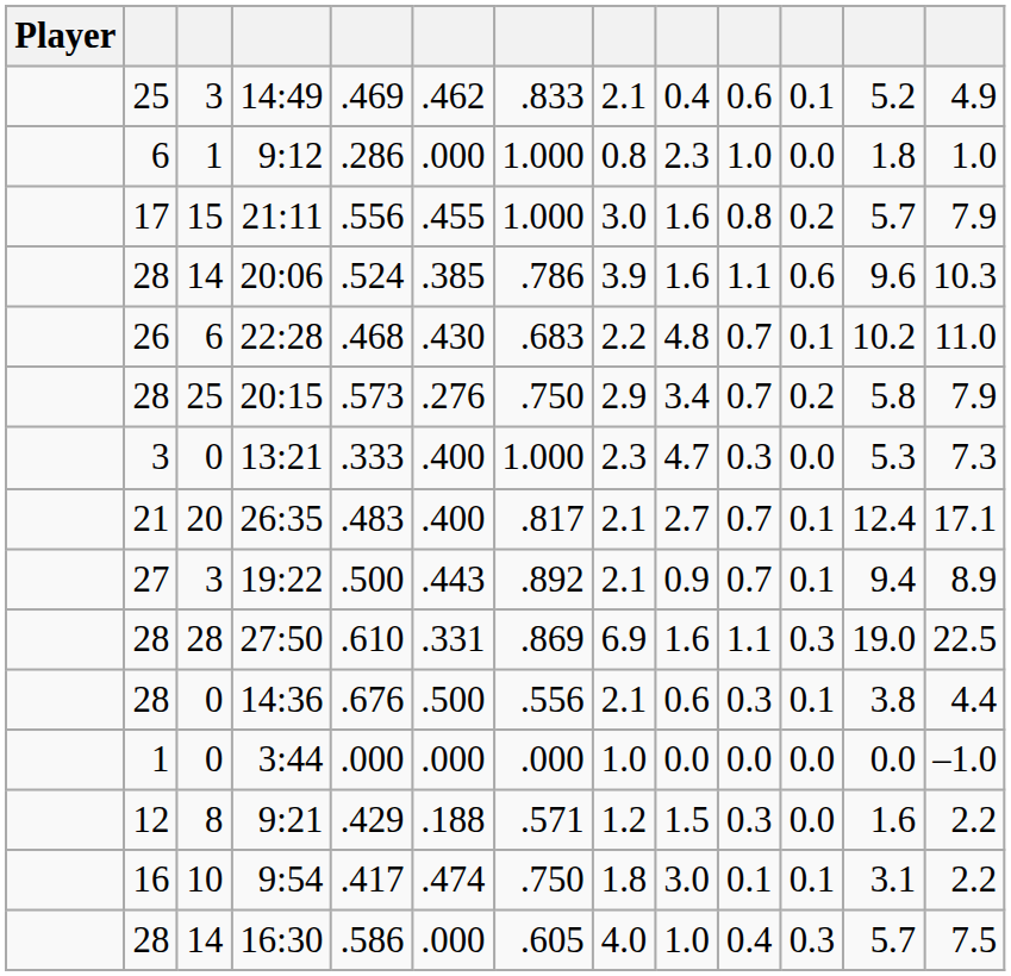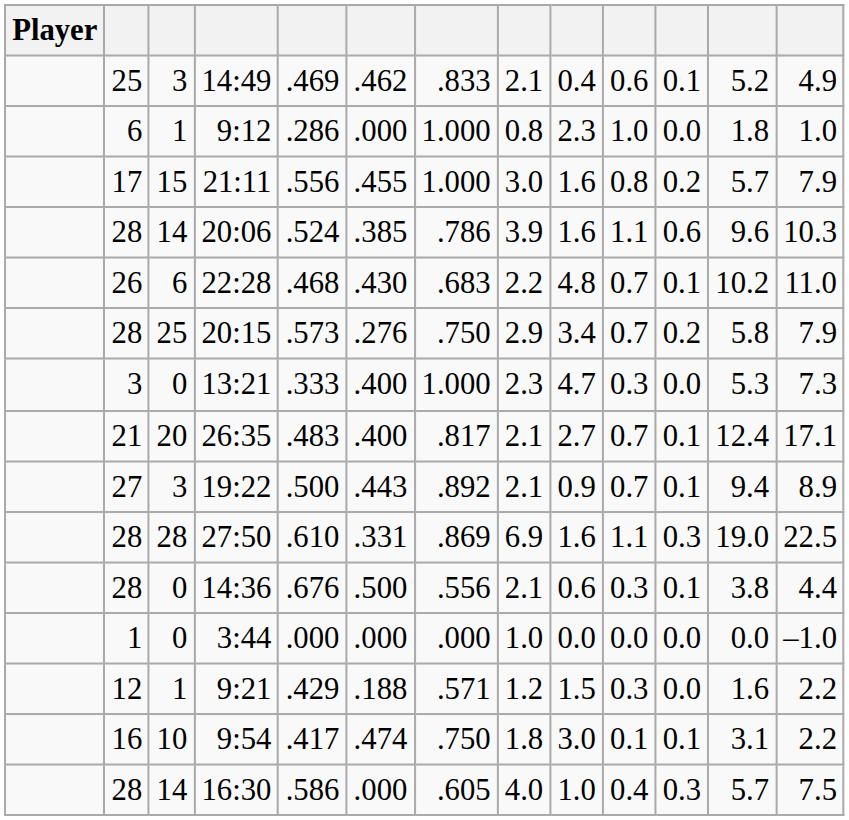 <table class="wikitable sortable" style="font-size:95%; text-align:right;">
 <tr>
 <th>Player</th>
 <th></th>
 <th></th>
 <th></th>
 <th></th>
 <th></th>
 <th></th>
 <th></th>
 <th></th>
 <th></th>
 <th></th>
 <th></th>
 <th></th>
 </tr>
 <tr>
 <td></td>
 <td>25</td>
 <td>3</td>
 <td>14:49</td>
 <td>.469</td>
 <td>.462</td>
 <td>.833</td>
 <td>2.1</td>
 <td>0.4</td>
 <td>0.6</td>
 <td>0.1</td>
 <td>5.2</td>
 <td>4.9</td>
 </tr>
 <tr>
 <td></td>
 <td>6</td>
 <td>1</td>
 <td>9:12</td>
 <td>.286</td>
 <td>.000</td>
 <td>1.000</td>
 <td>0.8</td>
 <td>2.3</td>
 <td>1.0</td>
 <td>0.0</td>
 <td>1.8</td>
 <td>1.0</td>
 </tr>
 <tr>
 <td></td>
 <td>17</td>
 <td>15</td>
 <td>21:11</td>
 <td>.556</td>
 <td>.455</td>
 <td>1.000</td>
 <td>3.0</td>
 <td>1.6</td>
 <td>0.8</td>
 <td>0.2</td>
 <td>5.7</td>
 <td>7.9</td>
 </tr>
 <tr>
 <td></td>
 <td>28</td>
 <td>14</td>
 <td>20:06</td>
 <td>.524</td>
 <td>.385</td>
 <td>.786</td>
 <td>3.9</td>
 <td>1.6</td>
 <td>1.1</td>
 <td>0.6</td>
 <td>9.6</td>
 <td>10.3</td>
 </tr>
 <tr>
 <td></td>
 <td>26</td>
 <td>6</td>
 <td>22:28</td>
 <td>.468</td>
 <td>.430</td>
 <td>.683</td>
 <td>2.2</td>
 <td>4.8</td>
 <td>0.7</td>
 <td>0.1</td>
 <td>10.2</td>
 <td>11.0</td>
 </tr>
 <tr>
 <td></td>
 <td>28</td>
 <td>25</td>
 <td>20:15</td>
 <td>.573</td>
 <td>.276</td>
 <td>.750</td>
 <td>2.9</td>
 <td>3.4</td>
 <td>0.7</td>
 <td>0.2</td>
 <td>5.8</td>
 <td>7.9</td>
 </tr>
 <tr>
 <td></td>
 <td>3</td>
 <td>0</td>
 <td>13:21</td>
 <td>.333</td>
 <td>.400</td>
 <td>1.000</td>
 <td>2.3</td>
 <td>4.7</td>
 <td>0.3</td>
 <td>0.0</td>
 <td>5.3</td>
 <td>7.3</td>
 </tr>
 <tr>
 <td></td>
 <td>21</td>
 <td>20</td>
 <td>26:35</td>
 <td>.483</td>
 <td>.400</td>
 <td>.817</td>
 <td>2.1</td>
 <td>2.7</td>
 <td>0.7</td>
 <td>0.1</td>
 <td>12.4</td>
 <td>17.1</td>
 </tr>
 <tr>
 <td></td>
 <td>27</td>
 <td>3</td>
 <td>19:22</td>
 <td>.500</td>
 <td>.443</td>
 <td>.892</td>
 <td>2.1</td>
 <td>0.9</td>
 <td>0.7</td>
 <td>0.1</td>
 <td>9.4</td>
 <td>8.9</td>
 </tr>
 <tr>
 <td></td>
 <td>28</td>
 <td>28</td>
 <td>27:50</td>
 <td>.610</td>
 <td>.331</td>
 <td>.869</td>
 <td>6.9</td>
 <td>1.6</td>
 <td>1.1</td>
 <td>0.3</td>
 <td>19.0</td>
 <td>22.5</td>
 </tr>
 <tr>
 <td></td>
 <td>28</td>
 <td>0</td>
 <td>14:36</td>
 <td>.676</td>
 <td>.500</td>
 <td>.556</td>
 <td>2.1</td>
 <td>0.6</td>
 <td>0.3</td>
 <td>0.1</td>
 <td>3.8</td>
 <td>4.4</td>
 </tr>
 <tr>
 <td></td>
 <td>1</td>
 <td>0</td>
 <td>3:44</td>
 <td>.000</td>
 <td>.000</td>
 <td>.000</td>
 <td>1.0</td>
 <td>0.0</td>
 <td>0.0</td>
 <td>0.0</td>
 <td>0.0</td>
 <td>–1.0</td>
 </tr>
 <tr>
 <td></td>
 <td>12</td>
-<td>8</td>
+<td>1</td>
 <td>9:21</td>
 <td>.429</td>
 <td>.188</td>
 <td>.571</td>
 <td>1.2</td>
 <td>1.5</td>
 <td>0.3</td>
 <td>0.0</td>
 <td>1.6</td>
 <td>2.2</td>
 </tr>
 <tr>
 <td></td>
 <td>16</td>
 <td>10</td>
 <td>9:54</td>
 <td>.417</td>
 <td>.474</td>
 <td>.750</td>
 <td>1.8</td>
 <td>3.0</td>
 <td>0.1</td>
 <td>0.1</td>
 <td>3.1</td>
 <td>2.2</td>
 </tr>
 <tr>
 <td></td>
 <td>28</td>
 <td>14</td>
 <td>16:30</td>
 <td>.586</td>
 <td>.000</td>
 <td>.605</td>
 <td>4.0</td>
 <td>1.0</td>
 <td>0.4</td>
 <td>0.3</td>
 <td>5.7</td>
 <td>7.5</td>
 </tr>
 </table>
